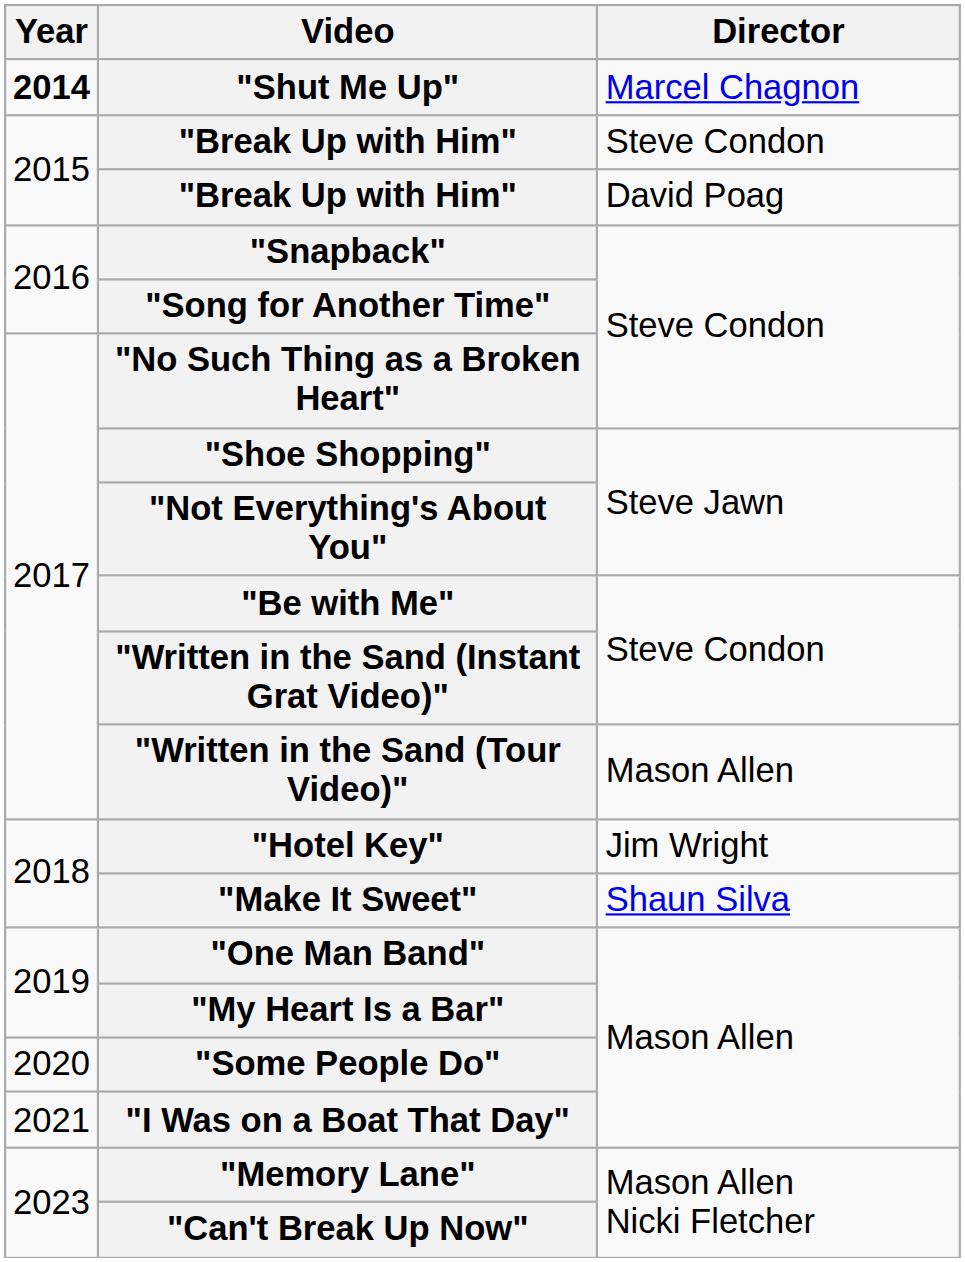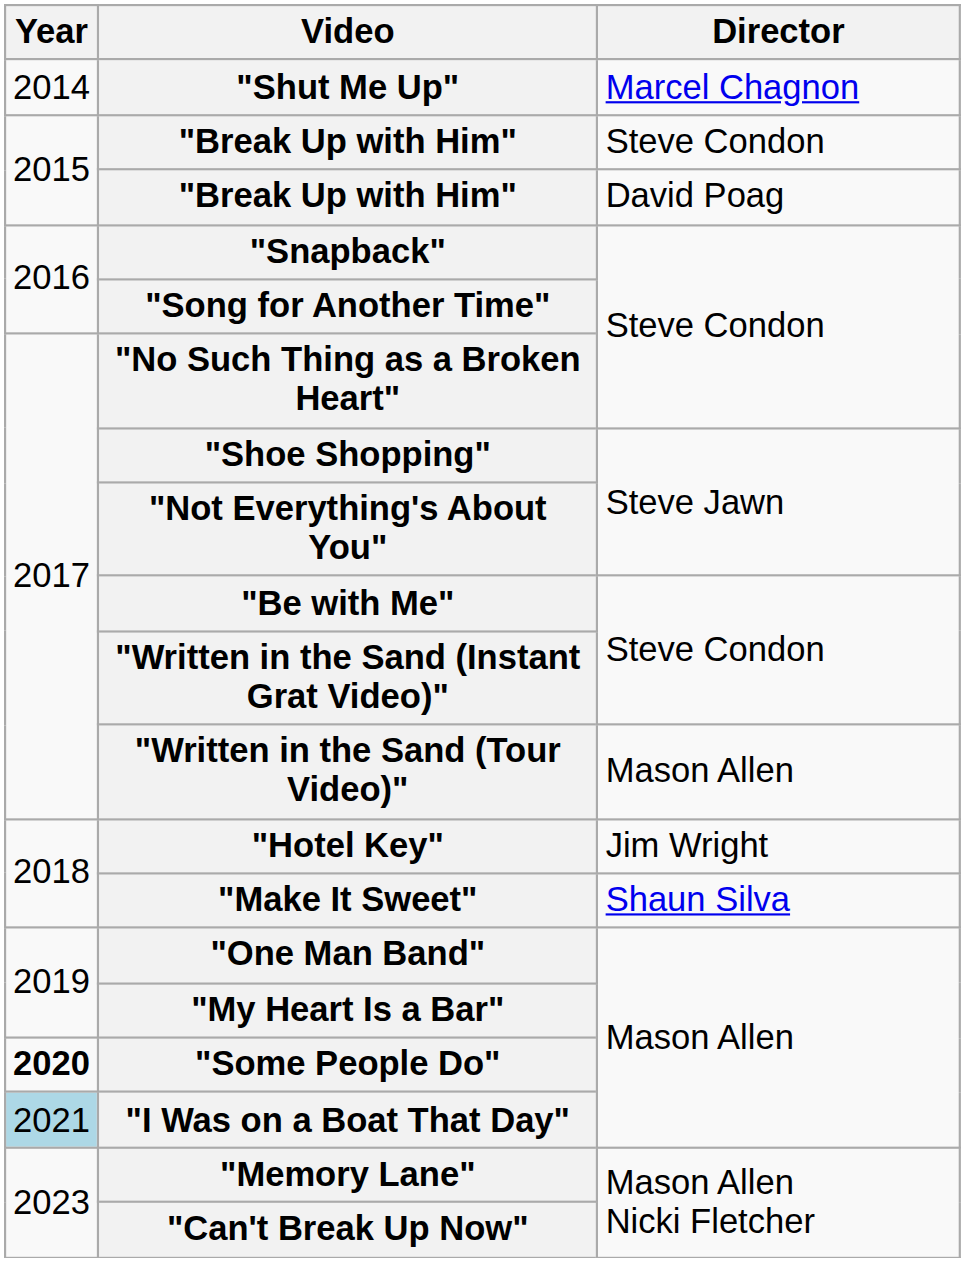 <table class="wikitable plainrowheaders">
 <tr>
 <th>Year</th>
 <th style="width:14em;">Video</th>
 <th style="width:10em;">Director</th>
 </tr>
 <tr>
-<td><strong>2014</strong></td>
+<td>2014</td>
 <th scope="row">"Shut Me Up"</th>
 <td><a href='#'>Marcel Chagnon</a></td>
 </tr>
 <tr>
 <td rowspan="2">2015</td>
 <th scope="row">"Break Up with Him"</th>
 <td>Steve Condon</td>
 </tr>
 <tr>
 <th scope="row">"Break Up with Him" </th>
 <td>David Poag</td>
 </tr>
 <tr>
 <td rowspan="2">2016</td>
 <th scope="row">"Snapback"</th>
 <td rowspan="3">Steve Condon</td>
 </tr>
 <tr>
 <th scope="row">"Song for Another Time"</th>
 </tr>
 <tr>
 <td rowspan="6">2017</td>
 <th scope="row">"No Such Thing as a Broken Heart"</th>
 </tr>
 <tr>
 <th scope="row">"Shoe Shopping"</th>
 <td rowspan="2">Steve Jawn</td>
 </tr>
 <tr>
 <th scope="row">"Not Everything's About You"</th>
 </tr>
 <tr>
 <th scope="row">"Be with Me"</th>
 <td rowspan=2>Steve Condon</td>
 </tr>
 <tr>
 <th scope="row">"Written in the Sand (Instant Grat Video)"</th>
 </tr>
 <tr>
 <th scope="row">"Written in the Sand (Tour Video)"</th>
 <td>Mason Allen</td>
 </tr>
 <tr>
 <td rowspan="2">2018</td>
 <th scope="row">"Hotel Key"</th>
 <td>Jim Wright</td>
 </tr>
 <tr>
 <th scope="row">"Make It Sweet"</th>
 <td><a href='#'>Shaun Silva</a></td>
 </tr>
 <tr>
 <td rowspan="2">2019</td>
 <th scope="row">"One Man Band"</th>
 <td rowspan=4>Mason Allen</td>
 </tr>
 <tr>
 <th scope="row">"My Heart Is a Bar"</th>
 </tr>
 <tr>
-<td>2020</td>
+<td><strong>2020</strong></td>
 <th scope="row">"Some People Do"</th>
 </tr>
 <tr>
-<td>2021</td>
+<td style="background: lightblue;">2021</td>
 <th scope="row">"I Was on a Boat That Day"</th>
 </tr>
 <tr>
 <td rowspan="2">2023</td>
 <th scope="row">"Memory Lane"</th>
 <td rowspan="2">Mason Allen<br>Nicki Fletcher</td>
 </tr>
 <tr>
 <th scope="row">"Can't Break Up Now"</th>
 </tr>
 </table>
